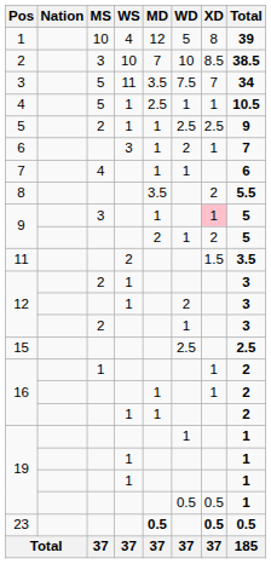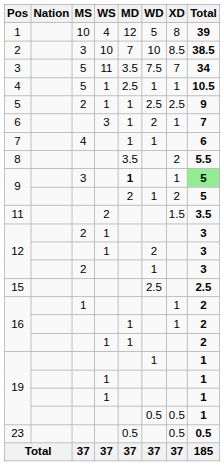 <table class="wikitable" style="text-align:center">
 <tr>
 <th>Pos</th>
 <th>Nation</th>
 <th>MS</th>
 <th>WS</th>
 <th>MD</th>
 <th>WD</th>
 <th>XD</th>
 <th>Total</th>
 </tr>
 <tr>
 <td>1</td>
 <td align=left></td>
 <td>10</td>
 <td>4</td>
 <td>12</td>
 <td>5</td>
 <td>8</td>
 <td><strong>39</strong></td>
 </tr>
 <tr>
 <td>2</td>
 <td align=left></td>
 <td>3</td>
 <td>10</td>
 <td>7</td>
 <td>10</td>
 <td>8.5</td>
 <td><strong>38.5</strong></td>
 </tr>
 <tr>
 <td>3</td>
 <td align=left></td>
 <td>5</td>
 <td>11</td>
 <td>3.5</td>
 <td>7.5</td>
 <td>7</td>
 <td><strong>34</strong></td>
 </tr>
 <tr>
 <td>4</td>
 <td align=left></td>
 <td>5</td>
 <td>1</td>
 <td>2.5</td>
 <td>1</td>
 <td>1</td>
 <td><strong>10.5</strong></td>
 </tr>
 <tr>
 <td>5</td>
 <td align=left></td>
 <td>2</td>
 <td>1</td>
 <td>1</td>
 <td>2.5</td>
 <td>2.5</td>
 <td><strong>9</strong></td>
 </tr>
 <tr>
 <td>6</td>
 <td align=left></td>
 <td></td>
 <td>3</td>
 <td>1</td>
 <td>2</td>
 <td>1</td>
 <td><strong>7</strong></td>
 </tr>
 <tr>
 <td>7</td>
 <td align=left></td>
 <td>4</td>
 <td></td>
 <td>1</td>
 <td>1</td>
 <td></td>
 <td><strong>6</strong></td>
 </tr>
 <tr>
 <td>8</td>
 <td align=left></td>
 <td></td>
 <td></td>
 <td>3.5</td>
 <td></td>
 <td>2</td>
 <td><strong>5.5</strong></td>
 </tr>
 <tr>
 <td rowspan="2">9</td>
 <td align=left></td>
 <td>3</td>
 <td></td>
+<td><strong>1</strong></td>
+<td></td>
 <td>1</td>
-<td></td>
-<td style="background: pink;">1</td>
-<td><strong>5</strong></td>
+<td style="background: lightgreen;"><strong>5</strong></td>
 </tr>
 <tr>
 <td align=left></td>
 <td></td>
 <td></td>
 <td>2</td>
 <td>1</td>
 <td>2</td>
 <td><strong>5</strong></td>
 </tr>
 <tr>
 <td>11</td>
 <td align=left></td>
 <td></td>
 <td>2</td>
 <td></td>
 <td></td>
 <td>1.5</td>
 <td><strong>3.5</strong></td>
 </tr>
 <tr>
 <td rowspan="3">12</td>
 <td align=left></td>
 <td>2</td>
 <td>1</td>
 <td></td>
 <td></td>
 <td></td>
 <td><strong>3</strong></td>
 </tr>
 <tr>
 <td align=left></td>
 <td></td>
 <td>1</td>
 <td></td>
 <td>2</td>
 <td></td>
 <td><strong>3</strong></td>
 </tr>
 <tr>
 <td align=left></td>
 <td>2</td>
 <td></td>
 <td></td>
 <td>1</td>
 <td></td>
 <td><strong>3</strong></td>
 </tr>
 <tr>
 <td>15</td>
 <td align=left></td>
 <td></td>
 <td></td>
 <td></td>
 <td>2.5</td>
 <td></td>
 <td><strong>2.5</strong></td>
 </tr>
 <tr>
 <td rowspan="3">16</td>
 <td align=left></td>
 <td>1</td>
 <td></td>
 <td></td>
 <td></td>
 <td>1</td>
 <td><strong>2</strong></td>
 </tr>
 <tr>
 <td align=left></td>
 <td></td>
 <td></td>
 <td>1</td>
 <td></td>
 <td>1</td>
 <td><strong>2</strong></td>
 </tr>
 <tr>
 <td align=left></td>
 <td></td>
 <td>1</td>
 <td>1</td>
 <td></td>
 <td></td>
 <td><strong>2</strong></td>
 </tr>
 <tr>
 <td rowspan=4>19</td>
 <td align=left></td>
 <td></td>
 <td></td>
 <td></td>
 <td>1</td>
 <td></td>
 <td><strong>1</strong></td>
 </tr>
 <tr>
 <td align=left></td>
 <td></td>
 <td>1</td>
 <td></td>
 <td></td>
 <td></td>
 <td><strong>1</strong></td>
 </tr>
 <tr>
 <td align=left></td>
 <td></td>
 <td>1</td>
 <td></td>
 <td></td>
 <td></td>
 <td><strong>1</strong></td>
 </tr>
 <tr>
 <td align=left></td>
 <td></td>
 <td></td>
 <td></td>
 <td>0.5</td>
 <td>0.5</td>
 <td><strong>1</strong></td>
 </tr>
 <tr>
 <td>23</td>
 <td align=left></td>
 <td></td>
 <td></td>
-<td><strong>0.5</strong></td>
+<td>0.5</td>
 <td></td>
-<td><strong>0.5</strong></td>
+<td>0.5</td>
 <td><strong>0.5</strong></td>
 </tr>
 <tr>
 <th colspan="2">Total</th>
 <th>37</th>
 <th>37</th>
 <th>37</th>
 <th>37</th>
 <th>37</th>
 <th>185</th>
 </tr>
 </table>
